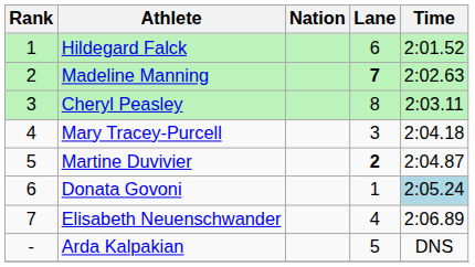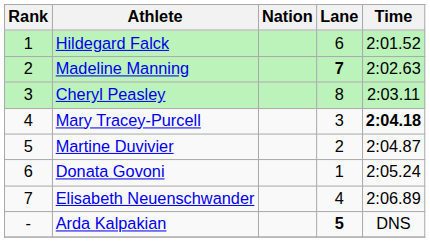 <table class="wikitable sortable" style="text-align:center">
 <tr>
 <th>Rank</th>
 <th>Athlete</th>
 <th>Nation</th>
 <th>Lane</th>
 <th>Time</th>
 </tr>
 <tr bgcolor=bbf3bb>
 <td>1</td>
 <td align=left><a href='#'>Hildegard Falck</a></td>
 <td align=left></td>
 <td>6</td>
 <td>2:01.52</td>
 </tr>
 <tr bgcolor=bbf3bb>
 <td>2</td>
 <td align=left><a href='#'>Madeline Manning</a></td>
 <td align=left></td>
 <td><strong>7</strong></td>
 <td>2:02.63</td>
 </tr>
 <tr bgcolor=bbf3bb>
 <td>3</td>
 <td align=left><a href='#'>Cheryl Peasley</a></td>
 <td align=left></td>
 <td>8</td>
 <td>2:03.11</td>
 </tr>
 <tr>
 <td>4</td>
 <td align=left><a href='#'>Mary Tracey-Purcell</a></td>
 <td align=left></td>
 <td>3</td>
-<td>2:04.18</td>
+<td><strong>2:04.18</strong></td>
 </tr>
 <tr>
 <td>5</td>
 <td align=left><a href='#'>Martine Duvivier</a></td>
 <td align=left></td>
-<td><strong>2</strong></td>
+<td>2</td>
 <td>2:04.87</td>
 </tr>
 <tr>
 <td>6</td>
 <td align=left><a href='#'>Donata Govoni</a></td>
 <td align=left></td>
 <td>1</td>
-<td style="background: lightblue;">2:05.24</td>
+<td>2:05.24</td>
 </tr>
 <tr>
 <td>7</td>
 <td align=left><a href='#'>Elisabeth Neuenschwander</a></td>
 <td align=left></td>
 <td>4</td>
 <td>2:06.89</td>
 </tr>
 <tr>
 <td>-</td>
 <td align=left><a href='#'>Arda Kalpakian</a></td>
 <td align=left></td>
-<td>5</td>
+<td><strong>5</strong></td>
 <td>DNS</td>
 </tr>
 <tr>
 </tr>
 </table>
